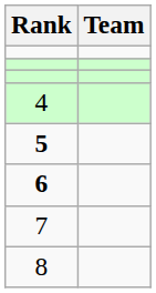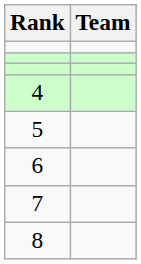 <table class="wikitable">
 <tr>
 <th>Rank</th>
 <th>Team</th>
 </tr>
 <tr>
 <td align=center></td>
 <td></td>
 </tr>
 <tr bgcolor=ccffcc>
 <td align=center></td>
 <td></td>
 </tr>
 <tr bgcolor=ccffcc>
 <td align=center></td>
 <td></td>
 </tr>
 <tr bgcolor=ccffcc>
 <td align=center>4</td>
 <td></td>
 </tr>
 <tr>
-<td align=center><strong>5</strong></td>
+<td align=center>5</td>
 <td></td>
 </tr>
 <tr>
-<td align=center><strong>6</strong></td>
+<td align=center>6</td>
 <td></td>
 </tr>
 <tr>
 <td align=center>7</td>
 <td></td>
 </tr>
 <tr>
 <td align=center>8</td>
 <td></td>
 </tr>
 </table>
